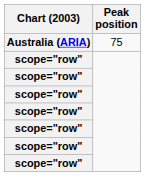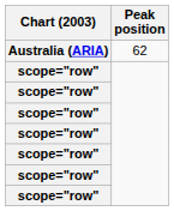 <table class="wikitable sortable plainrowheaders" style="text-align: center;">
 <tr>
 <th>Chart (2003)</th>
 <th>Peak<br>position</th>
 </tr>
 <tr>
 <th scope="row">Australia (<a href='#'>ARIA</a>)</th>
-<td>75</td>
+<td>62</td>
 </tr>
 <tr>
 <th>scope="row" </th>
 </tr>
 <tr>
 <th>scope="row" </th>
 </tr>
 <tr>
 <th>scope="row" </th>
 </tr>
 <tr>
 <th>scope="row" </th>
 </tr>
 <tr>
 <th>scope="row" </th>
 </tr>
 <tr>
 <th>scope="row" </th>
 </tr>
 <tr>
 <th>scope="row" </th>
 </tr>
 </table>
